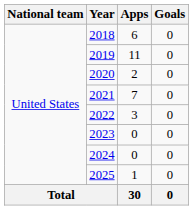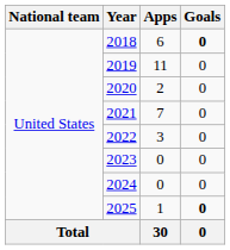 <table class="wikitable" style="text-align:center">
 <tr>
 <th>National team</th>
 <th>Year</th>
 <th>Apps</th>
 <th>Goals</th>
 </tr>
 <tr>
 <td rowspan="8"><a href='#'>United States</a></td>
 <td><a href='#'>2018</a></td>
 <td>6</td>
-<td>0</td>
+<td><strong>0</strong></td>
 </tr>
 <tr>
 <td><a href='#'>2019</a></td>
 <td>11</td>
 <td>0</td>
 </tr>
 <tr>
 <td><a href='#'>2020</a></td>
 <td>2</td>
 <td>0</td>
 </tr>
 <tr>
 <td><a href='#'>2021</a></td>
 <td>7</td>
 <td>0</td>
 </tr>
 <tr>
 <td><a href='#'>2022</a></td>
 <td>3</td>
 <td>0</td>
 </tr>
 <tr>
 <td><a href='#'>2023</a></td>
 <td>0</td>
 <td>0</td>
 </tr>
 <tr>
 <td><a href='#'>2024</a></td>
 <td>0</td>
 <td>0</td>
 </tr>
 <tr>
 <td><a href='#'>2025</a></td>
 <td>1</td>
-<td>0</td>
+<td><strong>0</strong></td>
 </tr>
 <tr>
 <th colspan="2">Total</th>
 <th>30</th>
 <th>0</th>
 </tr>
 </table>
